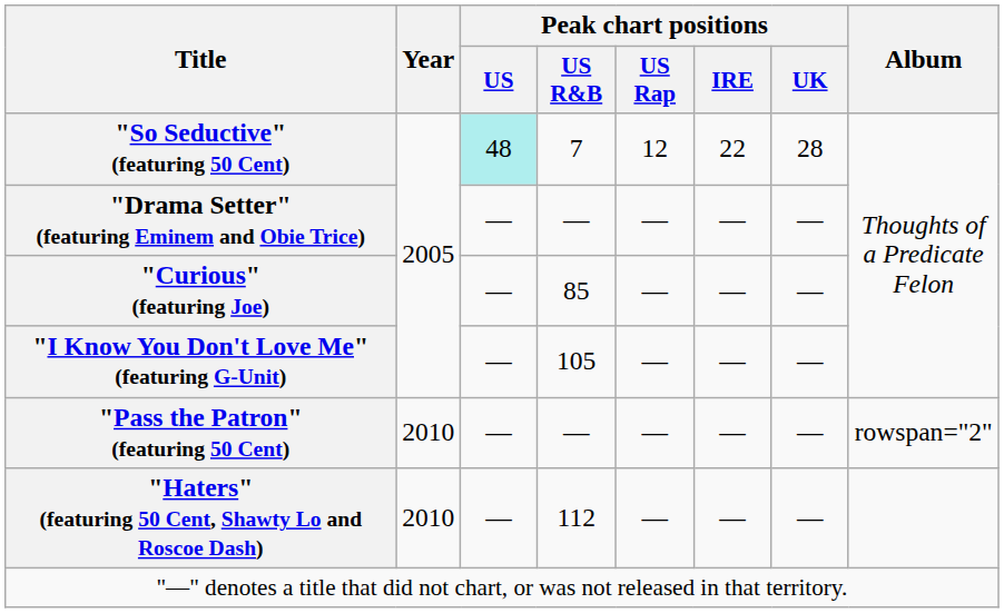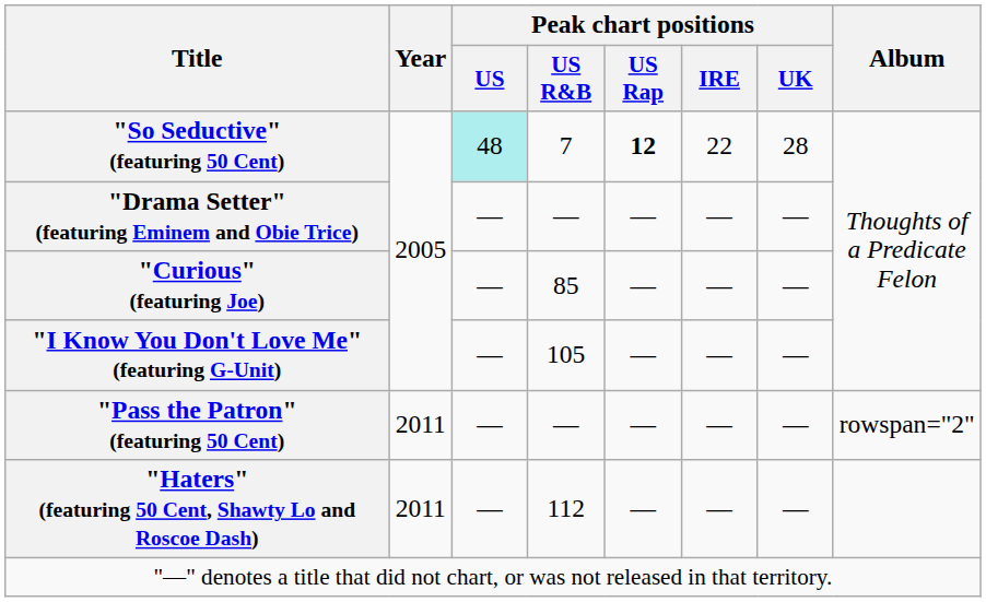 <table class="wikitable plainrowheaders" style="text-align:center;" border="1">
 <tr>
 <th scope="col" rowspan="2" style="width:16em;">Title</th>
 <th scope="col" rowspan="2">Year</th>
 <th scope="col" colspan="5">Peak chart positions</th>
 <th scope="col" rowspan="2">Album</th>
 </tr>
 <tr>
 <th style="width:3em; font-size:90%"><a href='#'>US</a><br></th>
 <th style="width:3em; font-size:90%"><a href='#'>US<br>R&B</a><br></th>
 <th style="width:3em; font-size:90%"><a href='#'>US<br>Rap</a><br></th>
 <th style="width:3em; font-size:90%"><a href='#'>IRE</a><br></th>
 <th style="width:3em; font-size:90%"><a href='#'>UK</a><br></th>
 </tr>
 <tr>
 <th scope="row">"<a href='#'>So Seductive</a>"<br><small>(featuring <a href='#'>50 Cent</a>)</small></th>
 <td rowspan="4">2005</td>
 <td style="background: paleturquoise;">48</td>
 <td>7</td>
-<td>12</td>
+<td><strong>12</strong></td>
 <td>22</td>
 <td>28</td>
 <td rowspan="4"><em>Thoughts of a Predicate Felon</em></td>
 </tr>
 <tr>
 <th scope="row">"Drama Setter"<br><small>(featuring <a href='#'>Eminem</a> and <a href='#'>Obie Trice</a>)</small></th>
 <td>—</td>
 <td>—</td>
 <td>—</td>
 <td>—</td>
 <td>—</td>
 </tr>
 <tr>
 <th scope="row">"<a href='#'>Curious</a>"<br><small>(featuring <a href='#'>Joe</a>)</small></th>
 <td>—</td>
 <td>85</td>
 <td>—</td>
 <td>—</td>
 <td>—</td>
 </tr>
 <tr>
 <th scope="row">"<a href='#'>I Know You Don't Love Me</a>"<br><small>(featuring <a href='#'>G-Unit</a>)</small></th>
 <td>—</td>
 <td>105</td>
 <td>—</td>
 <td>—</td>
 <td>—</td>
 </tr>
 <tr>
 <th scope="row">"<a href='#'>Pass the Patron</a>"<br><small>(featuring <a href='#'>50 Cent</a>)</small></th>
-<td>2010</td>
+<td>2011</td>
 <td>—</td>
 <td>—</td>
 <td>—</td>
 <td>—</td>
 <td>—</td>
 <td>rowspan="2" </td>
 </tr>
 <tr>
 <th scope="row">"<a href='#'>Haters</a>"<br><small>(featuring <a href='#'>50 Cent</a>, <a href='#'>Shawty Lo</a> and <a href='#'>Roscoe Dash</a>)</small></th>
-<td>2010</td>
+<td>2011</td>
 <td>—</td>
 <td>112</td>
 <td>—</td>
 <td>—</td>
 <td>—</td>
 </tr>
 <tr>
 <td colspan="9" style="font-size:90%">"—" denotes a title that did not chart, or was not released in that territory.</td>
 </tr>
 </table>
